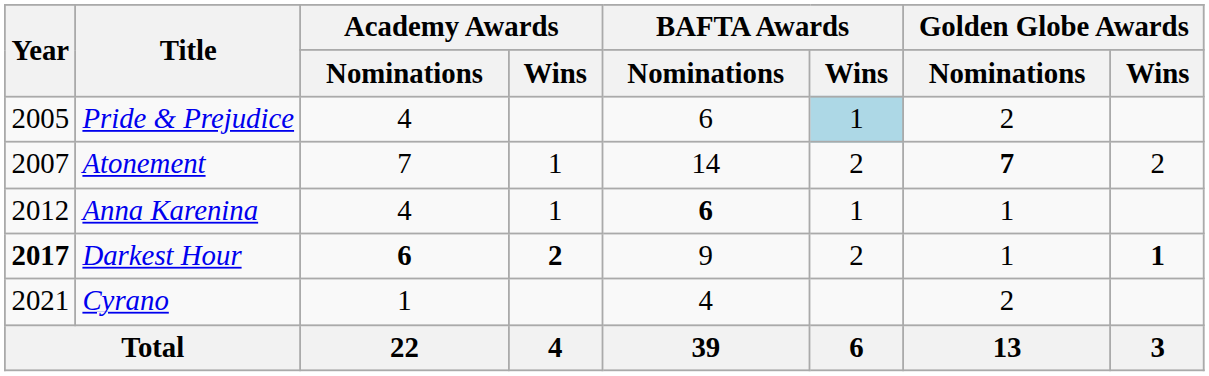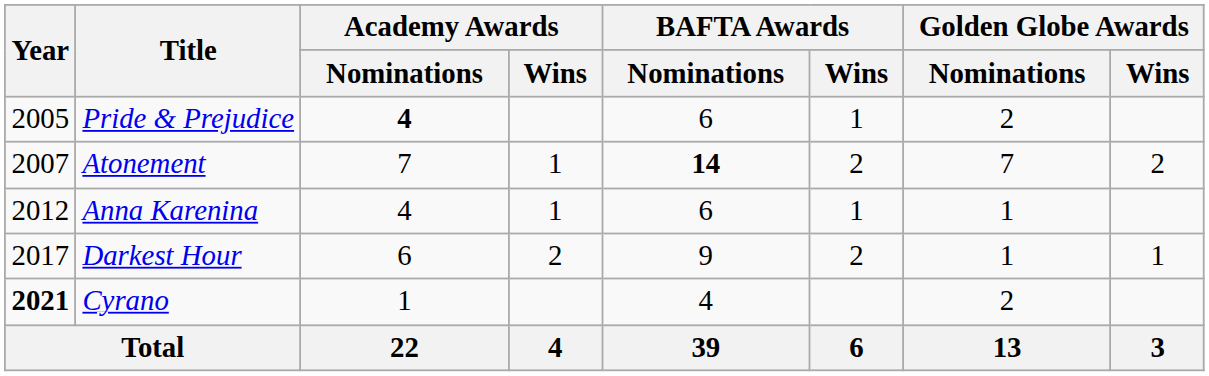 <table class="wikitable">
 <tr>
 <th rowspan="2">Year</th>
 <th rowspan="2">Title</th>
 <th colspan="2" style="text-align:center;" width=160>Academy Awards</th>
 <th colspan="2" style="text-align:center;" width=160>BAFTA Awards</th>
 <th colspan="2" style="text-align:center;" width=160>Golden Globe Awards</th>
 </tr>
 <tr>
 <th>Nominations</th>
 <th>Wins</th>
 <th>Nominations</th>
 <th>Wins</th>
 <th>Nominations</th>
 <th>Wins</th>
 </tr>
 <tr>
 <td>2005</td>
 <td><em><a href='#'>Pride & Prejudice</a></em></td>
-<td align=center>4</td>
+<td align=center><strong>4</strong></td>
 <td></td>
 <td align=center>6</td>
-<td align=center style="background: lightblue;">1</td>
+<td align=center>1</td>
 <td align=center>2</td>
 <td></td>
 </tr>
 <tr>
 <td>2007</td>
 <td><em><a href='#'>Atonement</a></em></td>
 <td align=center>7</td>
 <td align=center>1</td>
-<td align=center>14</td>
+<td align=center><strong>14</strong></td>
 <td align=center>2</td>
-<td align=center><strong>7</strong></td>
+<td align=center>7</td>
 <td align=center>2</td>
 </tr>
 <tr>
 <td>2012</td>
 <td><em><a href='#'>Anna Karenina</a></em></td>
 <td align=center>4</td>
 <td align=center>1</td>
-<td align=center><strong>6</strong></td>
+<td align=center>6</td>
 <td align=center>1</td>
 <td align=center>1</td>
 <td></td>
 </tr>
 <tr>
-<td><strong>2017</strong></td>
+<td>2017</td>
 <td><em><a href='#'>Darkest Hour</a></em></td>
-<td align=center><strong>6</strong></td>
-<td align=center><strong>2</strong></td>
+<td align=center>6</td>
+<td align=center>2</td>
 <td align=center>9</td>
 <td align=center>2</td>
 <td align=center>1</td>
-<td align=center><strong>1</strong></td>
+<td align=center>1</td>
 </tr>
 <tr>
-<td>2021</td>
+<td><strong>2021</strong></td>
 <td><em><a href='#'>Cyrano</a></em></td>
 <td align=center>1</td>
 <td></td>
 <td align=center>4</td>
 <td></td>
 <td align=center>2</td>
 <td></td>
 </tr>
 <tr>
 <th colspan="2">Total</th>
 <th align=center>22</th>
 <th align=center>4</th>
 <th align=center>39</th>
 <th align=center>6</th>
 <th align=center>13</th>
 <th align=center>3</th>
 </tr>
 </table>
